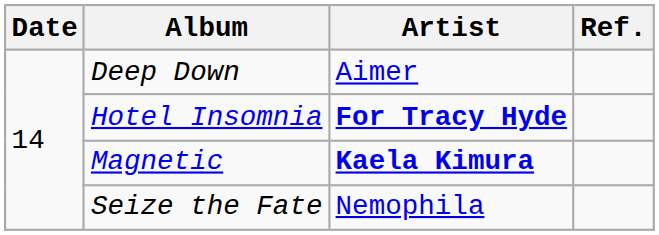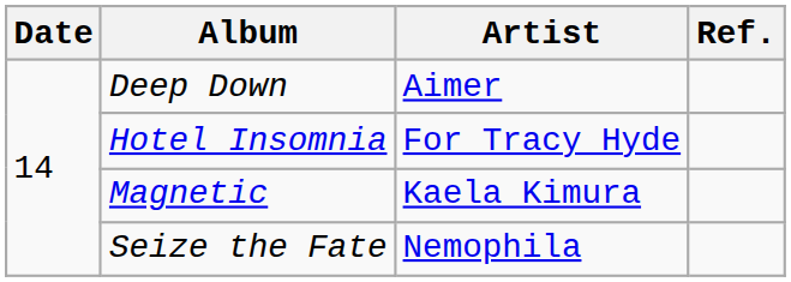 <table class="wikitable">
 <tr>
 <th>Date</th>
 <th>Album</th>
 <th>Artist</th>
 <th>Ref.</th>
 </tr>
 <tr>
 <td rowspan="4">14</td>
 <td><em>Deep Down</em></td>
 <td><a href='#'>Aimer</a></td>
 <td></td>
 </tr>
 <tr>
 <td><em><a href='#'>Hotel Insomnia</a></em></td>
-<td><strong><a href='#'>For Tracy Hyde</a></strong></td>
+<td><a href='#'>For Tracy Hyde</a></td>
 <td></td>
 </tr>
 <tr>
 <td><em><a href='#'>Magnetic</a></em></td>
-<td><strong><a href='#'>Kaela Kimura</a></strong></td>
+<td><a href='#'>Kaela Kimura</a></td>
 <td></td>
 </tr>
 <tr>
 <td><em>Seize the Fate</em></td>
 <td><a href='#'>Nemophila</a></td>
 <td></td>
 </tr>
 </table>
